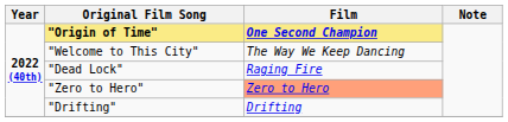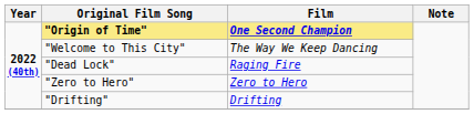 <table class="sortable wikitable">
 <tr>
 <th width="8%">Year</th>
 <th width="40%">Original Film Song</th>
 <th width="40%">Film</th>
 <th width="12%">Note</th>
 </tr>
 <tr>
 <td align="center" rowspan=5><strong>2022</strong><br><small><a href='#'><strong>(40th)</strong></a></small></td>
 <td style="background:#FAEB86"><strong>"Origin of Time"</strong></td>
 <td style="background:#FAEB86"><strong><em><a href='#'>One Second Champion</a></em></strong></td>
 <td style="text-align: center"; rowspan=5></td>
 </tr>
 <tr>
 <td>"Welcome to This City"</td>
 <td><em>The Way We Keep Dancing</em></td>
 </tr>
 <tr>
 <td>"Dead Lock"</td>
 <td><em><a href='#'>Raging Fire</a></em></td>
 </tr>
 <tr>
 <td>"Zero to Hero"</td>
-<td style="background: lightsalmon;"><em><a href='#'>Zero to Hero</a></em></td>
+<td><em><a href='#'>Zero to Hero</a></em></td>
 </tr>
 <tr>
 <td>"Drifting"</td>
 <td><em><a href='#'>Drifting</a></em></td>
 </tr>
 <tr>
 </tr>
 </table>
